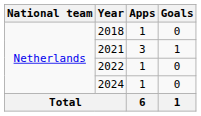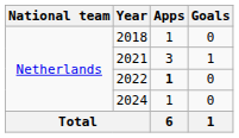 <table class=wikitable style=text-align:center>
 <tr>
 <th>National team</th>
 <th>Year</th>
 <th>Apps</th>
 <th>Goals</th>
 </tr>
 <tr>
 <td rowspan="4"><a href='#'>Netherlands</a></td>
 <td>2018</td>
 <td>1</td>
 <td>0</td>
 </tr>
 <tr>
 <td>2021</td>
 <td>3</td>
 <td>1</td>
 </tr>
 <tr>
 <td>2022</td>
-<td>1</td>
+<td><strong>1</strong></td>
 <td>0</td>
 </tr>
 <tr>
 <td>2024</td>
 <td>1</td>
 <td>0</td>
 </tr>
 <tr>
 <th colspan="2">Total</th>
 <th>6</th>
 <th>1</th>
 </tr>
 </table>
